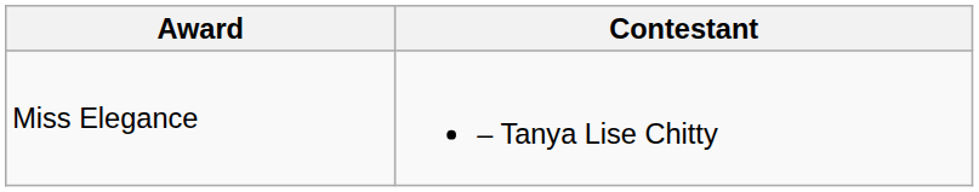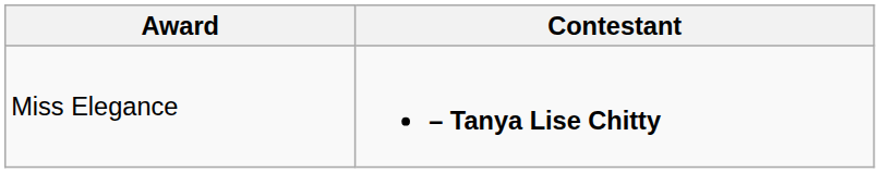 <table class="wikitable sortable" style="font-size: 95%;">
 <tr>
 <th Width = 200>Award</th>
 <th Width = 300>Contestant</th>
 </tr>
 <tr>
 <td>Miss Elegance</td>
-<td><br><ul><li> – Tanya Lise Chitty</li></ul></td>
+<td><strong><br><ul><li> – Tanya Lise Chitty</li></ul></strong></td>
 </tr>
 </table>
